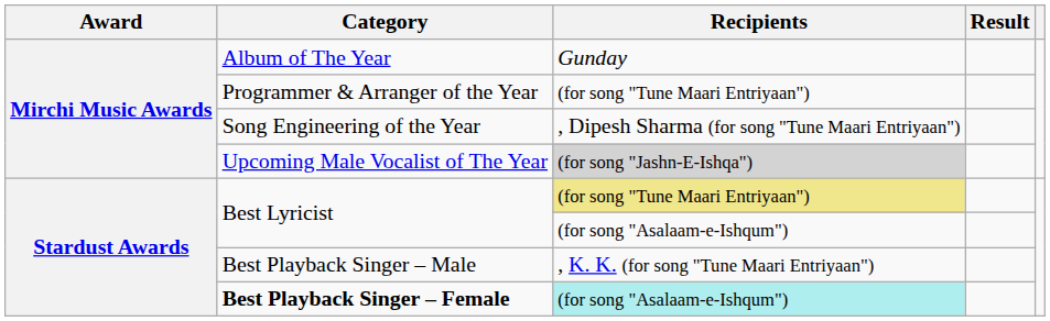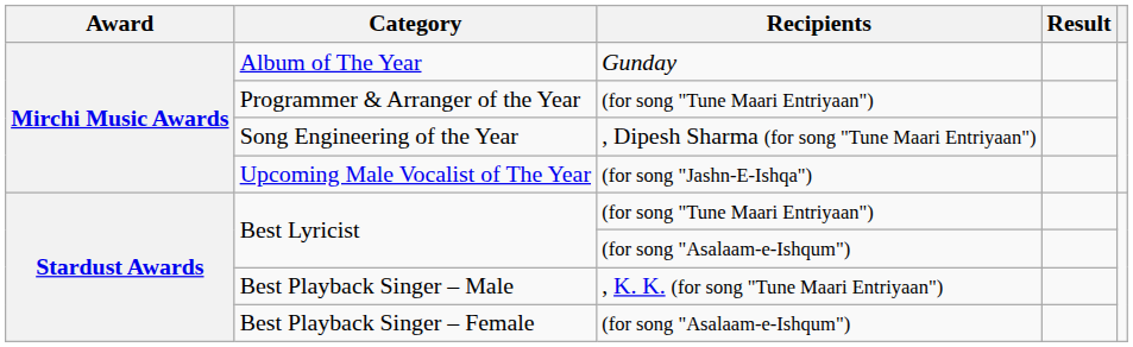 <table class="wikitable plainrowheaders sortable">
 <tr>
 <th scope="col">Award</th>
 <th scope="col">Category</th>
 <th scope="col">Recipients</th>
 <th scope="col">Result</th>
 <th scope="col" class="unsortable"></th>
 </tr>
 <tr>
 <th scope="row" rowspan="4"><a href='#'>Mirchi Music Awards</a></th>
 <td><a href='#'>Album of The Year</a></td>
 <td><em>Gunday</em></td>
 <td></td>
 <td rowspan="4" style="text-align:center;"></td>
 </tr>
 <tr>
 <td>Programmer & Arranger of the Year</td>
 <td> <small>(for song "Tune Maari Entriyaan")</small></td>
 <td></td>
 </tr>
 <tr>
 <td>Song Engineering of the Year</td>
 <td>, Dipesh Sharma <small>(for song "Tune Maari Entriyaan")</small></td>
 <td></td>
 </tr>
 <tr>
 <td><a href='#'>Upcoming Male Vocalist of The Year</a></td>
-<td style="background: lightgrey;"> <small>(for song "Jashn-E-Ishqa")</small></td>
+<td> <small>(for song "Jashn-E-Ishqa")</small></td>
 <td></td>
 </tr>
 <tr>
 <th scope="row" rowspan="4"><a href='#'>Stardust Awards</a></th>
 <td rowspan="2">Best Lyricist</td>
-<td style="background: khaki;"> <small>(for song "Tune Maari Entriyaan")</small></td>
+<td> <small>(for song "Tune Maari Entriyaan")</small></td>
 <td></td>
 <td rowspan="4" style="text-align:center;"></td>
 </tr>
 <tr>
 <td> <small>(for song "Asalaam-e-Ishqum")</small></td>
 <td></td>
 </tr>
 <tr>
 <td>Best Playback Singer – Male</td>
 <td>, <a href='#'>K. K.</a> <small>(for song "Tune Maari Entriyaan")</small></td>
 <td></td>
 </tr>
 <tr>
-<td><strong>Best Playback Singer – Female</strong></td>
-<td style="background: paleturquoise;"> <small>(for song "Asalaam-e-Ishqum")</small></td>
+<td>Best Playback Singer – Female</td>
+<td> <small>(for song "Asalaam-e-Ishqum")</small></td>
 <td></td>
 </tr>
 </table>
